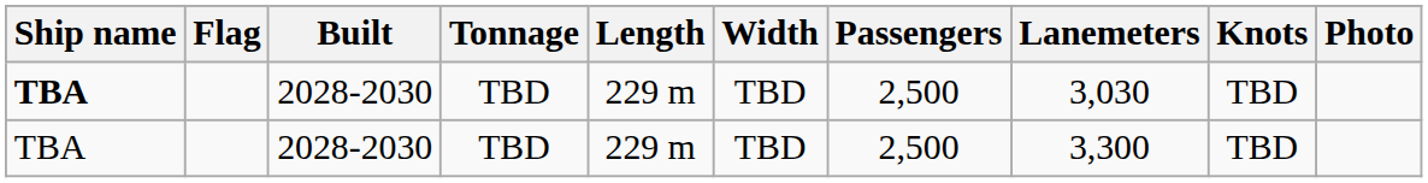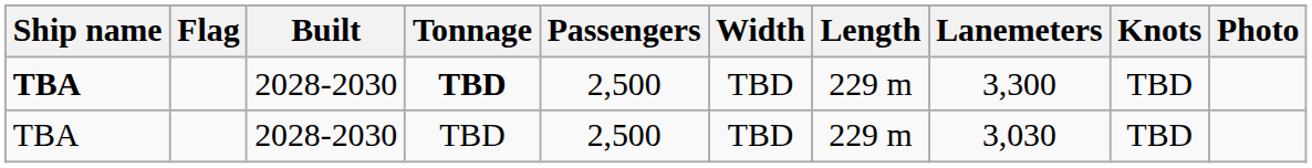 <table class="wikitable">
 <tr>
 <th>Ship name</th>
 <th>Flag</th>
 <th>Built</th>
 <th>Tonnage</th>
+<th>Passengers</th>
+<th>Width</th>
 <th>Length</th>
-<th>Width</th>
-<th>Passengers</th>
 <th>Lanemeters</th>
 <th>Knots</th>
 <th>Photo</th>
 </tr>
 <tr>
 <td><strong>TBA</strong></td>
 <td></td>
 <td align="Center">2028-2030</td>
+<td align="Center"><strong>TBD</strong></td>
+<td align="Center">2,500</td>
 <td align="Center">TBD</td>
 <td align="Center">229 m</td>
-<td align="Center">TBD</td>
-<td align="Center">2,500</td>
-<td align="Center">3,030</td>
+<td align="Center">3,300</td>
 <td align="Center">TBD</td>
 <td></td>
 </tr>
 <tr>
 <td>TBA</td>
 <td></td>
 <td align="Center">2028-2030</td>
 <td align="Center">TBD</td>
+<td align="Center">2,500</td>
+<td align="Center">TBD</td>
 <td align="Center">229 m</td>
-<td align="Center">TBD</td>
-<td align="Center">2,500</td>
-<td align="Center">3,300</td>
+<td align="Center">3,030</td>
 <td align="Center">TBD</td>
 <td></td>
 </tr>
 </table>
